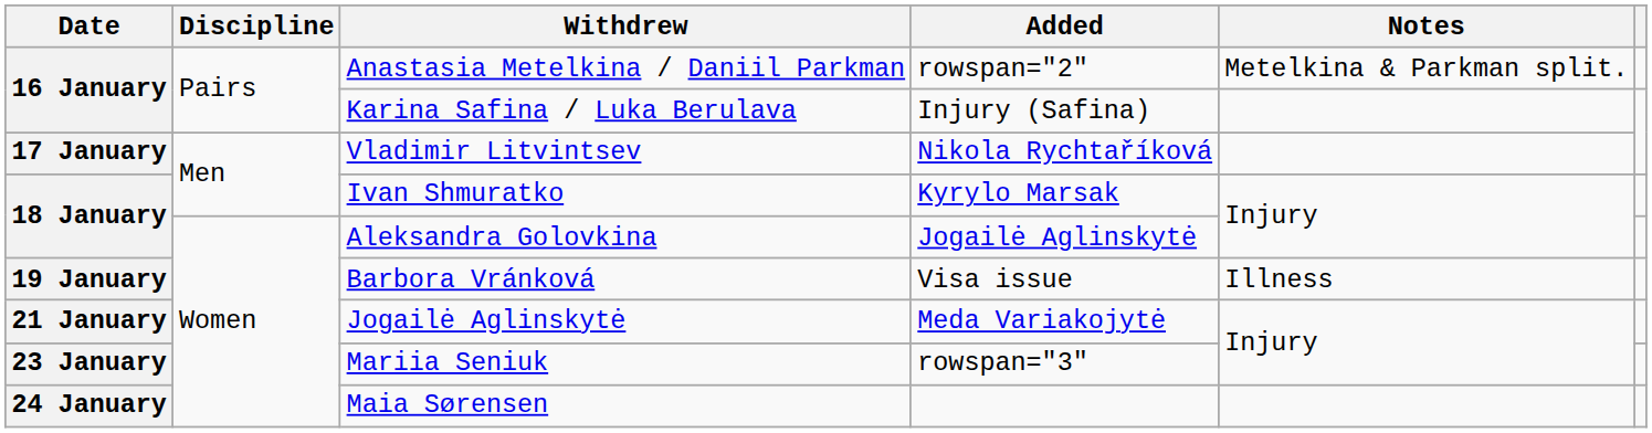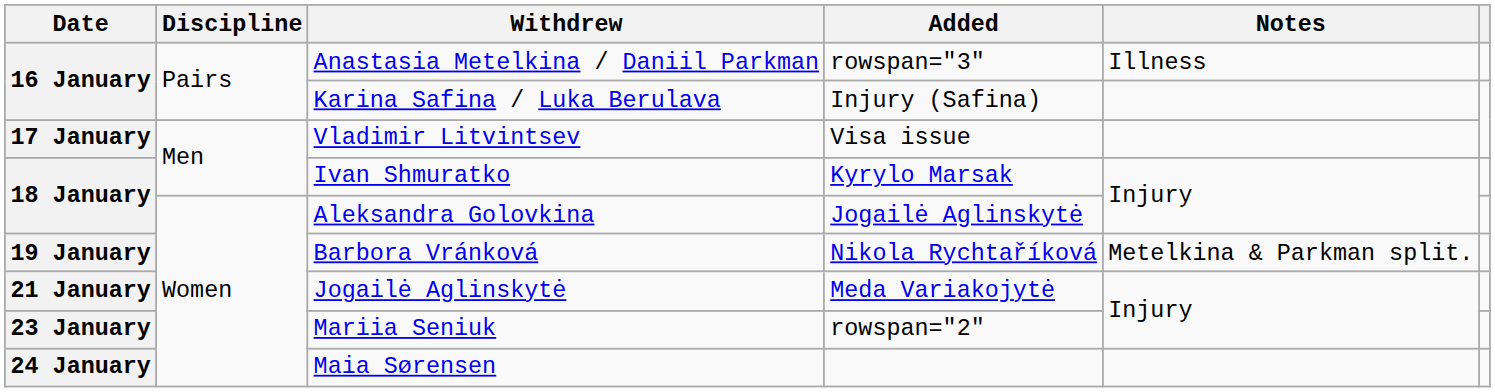 <table class="wikitable unsortable" style="text-align:left;">
 <tr>
 <th scope="col">Date</th>
 <th scope="col">Discipline</th>
 <th scope="col">Withdrew</th>
 <th scope="col">Added</th>
 <th scope="col">Notes</th>
 <th scope="col"></th>
 </tr>
 <tr>
 <th scope="row" style="text-align:left" rowspan=2>16 January</th>
 <td rowspan=2>Pairs</td>
 <td> <a href='#'>Anastasia Metelkina</a> / <a href='#'>Daniil Parkman</a></td>
-<td>rowspan="2" </td>
-<td>Metelkina & Parkman split.</td>
+<td>rowspan="3" </td>
+<td>Illness</td>
 <td></td>
 </tr>
 <tr>
 <td> <a href='#'>Karina Safina</a> / <a href='#'>Luka Berulava</a></td>
 <td>Injury (Safina)</td>
 <td></td>
 </tr>
 <tr>
 <th scope="row" style="text-align:left">17 January</th>
 <td rowspan="2">Men</td>
 <td> <a href='#'>Vladimir Litvintsev</a></td>
-<td> <a href='#'>Nikola Rychtaříková</a></td>
+<td>Visa issue</td>
 <td></td>
 </tr>
 <tr>
 <th scope="row" style="text-align:left" rowspan=2>18 January</th>
 <td> <a href='#'>Ivan Shmuratko</a></td>
 <td> <a href='#'>Kyrylo Marsak</a></td>
 <td rowspan="2">Injury</td>
 <td></td>
 </tr>
 <tr>
 <td rowspan=5>Women</td>
 <td> <a href='#'>Aleksandra Golovkina</a></td>
 <td> <a href='#'>Jogailė Aglinskytė</a></td>
 <td></td>
 </tr>
 <tr>
 <th scope="row" style="text-align:left">19 January</th>
 <td> <a href='#'>Barbora Vránková</a></td>
-<td>Visa issue</td>
-<td>Illness</td>
+<td> <a href='#'>Nikola Rychtaříková</a></td>
+<td>Metelkina & Parkman split.</td>
 <td></td>
 </tr>
 <tr>
 <th scope="row" style="text-align:left">21 January</th>
 <td> <a href='#'>Jogailė Aglinskytė</a></td>
 <td> <a href='#'>Meda Variakojytė</a></td>
 <td rowspan="2">Injury</td>
 <td></td>
 </tr>
 <tr>
 <th scope="row" style="text-align:left">23 January</th>
 <td> <a href='#'>Mariia Seniuk</a></td>
-<td>rowspan="3" </td>
+<td>rowspan="2" </td>
 <td></td>
 </tr>
 <tr>
 <th scope="row" style="text-align:left">24 January</th>
 <td> <a href='#'>Maia Sørensen</a></td>
 <td></td>
 <td></td>
 </tr>
 </table>
